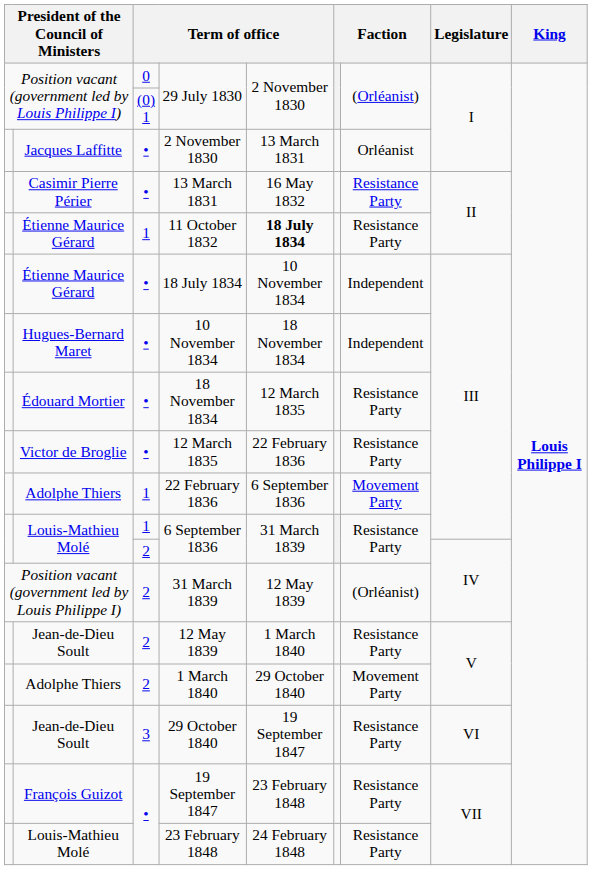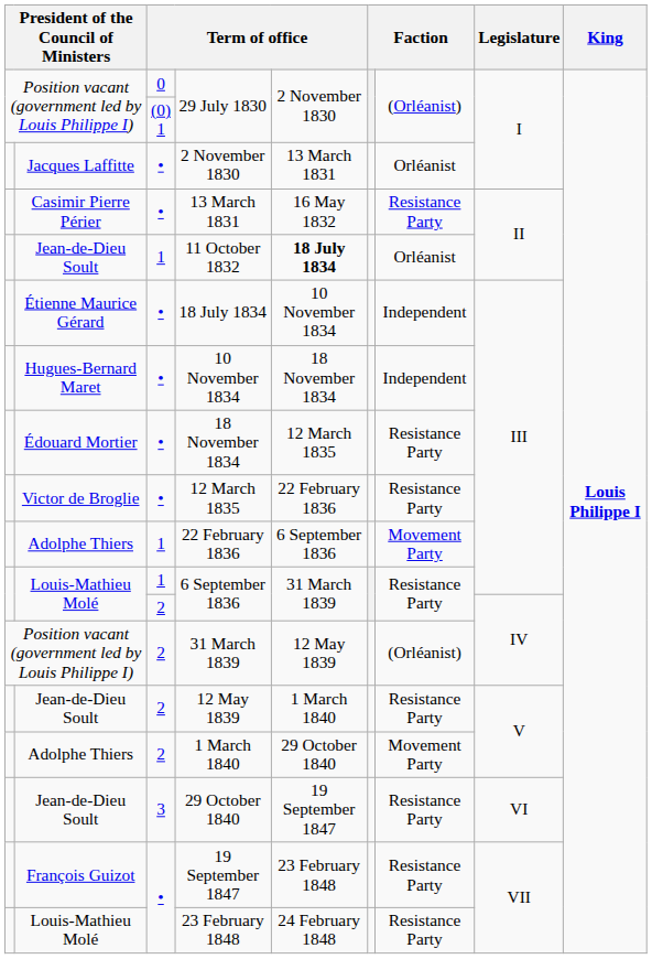 <table class="wikitable" style="text-align:center;">
 <tr>
 <th colspan=2>President of the Council of Ministers<br></th>
 <th colspan=3>Term of office</th>
 <th colspan=2>Faction</th>
 <th>Legislature<br></th>
 <th><a href='#'>King</a><br></th>
 </tr>
 <tr>
 <td colspan=2 rowspan=2><em>Position vacant<br>(government led by<br><a href='#'>Louis Philippe I</a>)</em></td>
 <td><a href='#'>0</a></td>
 <td rowspan=2>29 July 1830</td>
 <td rowspan=2>2 November 1830</td>
 <th rowspan=2 style="background:"></th>
 <td rowspan=2>(<a href='#'>Orléanist</a>)</td>
 <td rowspan=3>I<br></td>
 <td rowspan=18><strong><a href='#'>Louis Philippe I</a></strong><br><br></td>
 </tr>
 <tr>
 <td><a href='#'>(0)</a><br><a href='#'>1</a></td>
 </tr>
 <tr>
 <td></td>
 <td><a href='#'>Jacques Laffitte</a><br></td>
 <td><a href='#'>•</a></td>
 <td>2 November 1830</td>
 <td>13 March 1831</td>
 <td style="background:"></td>
 <td>Orléanist</td>
 </tr>
 <tr>
 <td></td>
 <td><a href='#'>Casimir Pierre Périer</a><br></td>
 <td><a href='#'>•</a></td>
 <td>13 March 1831</td>
 <td>16 May 1832</td>
 <td style="background:"></td>
 <td><a href='#'>Resistance Party</a></td>
 <td rowspan=2>II<br></td>
 </tr>
 <tr>
 <td></td>
-<td><a href='#'>Étienne Maurice Gérard</a><br></td>
+<td><a href='#'>Jean-de-Dieu Soult</a><br></td>
 <td><a href='#'>1</a></td>
 <td>11 October 1832</td>
 <td><strong>18 July 1834</strong></td>
 <td style="background:"></td>
-<td>Resistance Party</td>
+<td>Orléanist</td>
 </tr>
 <tr>
 <td></td>
 <td><a href='#'>Étienne Maurice Gérard</a><br></td>
 <td><a href='#'>•</a></td>
 <td>18 July 1834</td>
 <td>10 November 1834</td>
 <td style="background:"></td>
 <td>Independent</td>
 <td rowspan=6>III<br></td>
 </tr>
 <tr>
 <td></td>
 <td><a href='#'>Hugues-Bernard Maret</a><br></td>
 <td><a href='#'>•</a></td>
 <td>10 November 1834</td>
 <td>18 November 1834</td>
 <td style="background:"></td>
 <td>Independent</td>
 </tr>
 <tr>
 <td></td>
 <td><a href='#'>Édouard Mortier</a><br></td>
 <td><a href='#'>•</a></td>
 <td>18 November 1834</td>
 <td>12 March 1835</td>
 <td style="background:"></td>
 <td>Resistance Party</td>
 </tr>
 <tr>
 <td></td>
 <td><a href='#'>Victor de Broglie</a><br></td>
 <td><a href='#'>•</a></td>
 <td>12 March 1835</td>
 <td>22 February 1836</td>
 <td style="background:"></td>
 <td>Resistance Party</td>
 </tr>
 <tr>
 <td></td>
 <td><a href='#'>Adolphe Thiers</a><br></td>
 <td><a href='#'>1</a></td>
 <td>22 February 1836</td>
 <td>6 September 1836</td>
 <td style="background:"></td>
 <td><a href='#'>Movement Party</a></td>
 </tr>
 <tr>
 <td rowspan=2></td>
 <td rowspan=2><a href='#'>Louis-Mathieu Molé</a><br></td>
 <td><a href='#'>1</a></td>
 <td rowspan=2>6 September 1836</td>
 <td rowspan=2>31 March 1839</td>
 <th rowspan=2 style="background:"></th>
 <td rowspan=2>Resistance Party</td>
 </tr>
 <tr>
 <td><a href='#'>2</a></td>
 <td rowspan=2>IV<br></td>
 </tr>
 <tr>
 <td colspan=2><em>Position vacant<br>(government led by<br>Louis Philippe I)</em></td>
 <td><a href='#'>2</a></td>
 <td>31 March 1839</td>
 <td>12 May 1839</td>
 <td style="background:"></td>
 <td>(Orléanist)</td>
 </tr>
 <tr>
 <td></td>
 <td>Jean-de-Dieu Soult<br></td>
 <td><a href='#'>2</a></td>
 <td>12 May 1839</td>
 <td>1 March 1840</td>
 <td style="background:"></td>
 <td>Resistance Party</td>
 <td rowspan=2>V<br></td>
 </tr>
 <tr>
 <td></td>
 <td>Adolphe Thiers<br></td>
 <td><a href='#'>2</a></td>
 <td>1 March 1840</td>
 <td>29 October 1840</td>
 <td style="background:"></td>
 <td>Movement Party</td>
 </tr>
 <tr>
 <td></td>
 <td>Jean-de-Dieu Soult<br></td>
 <td><a href='#'>3</a></td>
 <td>29 October 1840</td>
 <td>19 September 1847</td>
 <td style="background:"></td>
 <td>Resistance Party</td>
 <td>VI<br></td>
 </tr>
 <tr>
 <td></td>
 <td><a href='#'>François Guizot</a><br></td>
 <td rowspan=2><a href='#'>•</a></td>
 <td>19 September 1847</td>
 <td>23 February 1848</td>
 <td style="background:"></td>
 <td>Resistance Party</td>
 <td rowspan=2>VII<br></td>
 </tr>
 <tr>
 <td></td>
 <td>Louis-Mathieu Molé<br></td>
 <td>23 February 1848</td>
 <td>24 February 1848</td>
 <td style="background:"></td>
 <td>Resistance Party</td>
 </tr>
 </table>
